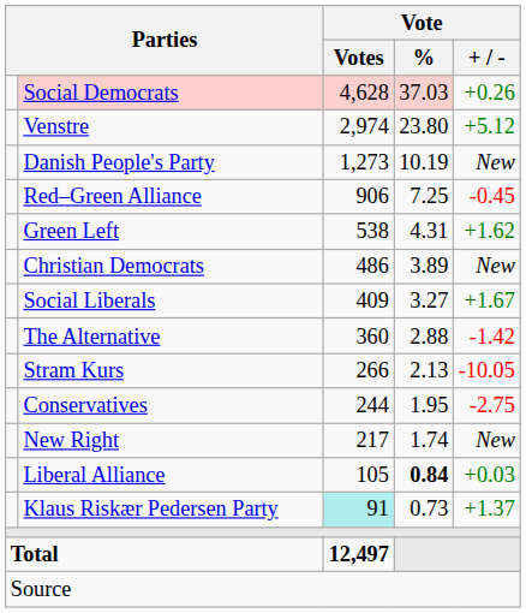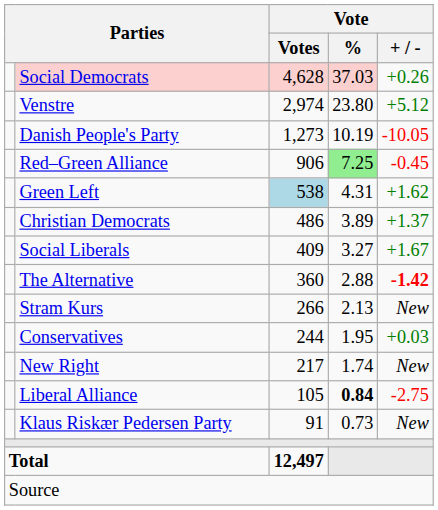 <table class="wikitable" style="text-align:right;">
 <tr>
 <th style="text-align:centre;" rowspan="2" colspan="2" width="225">Parties</th>
 <th colspan="3">Vote</th>
 </tr>
 <tr>
 <th width="15">Votes</th>
 <th width="15">%</th>
 <th width="15">+ / -</th>
 </tr>
 <tr>
 <td width="2" style="color:inherit;background:"></td>
 <td bgcolor=#fbd0ce  align="left"><a href='#'>Social Democrats</a></td>
 <td bgcolor=#fbd0ce>4,628</td>
 <td bgcolor=#fbd0ce>37.03</td>
 <td style=color:green;>+0.26</td>
 </tr>
 <tr>
 <td width="2" style="color:inherit;background:"></td>
 <td align="left"><a href='#'>Venstre</a></td>
 <td>2,974</td>
 <td>23.80</td>
 <td style=color:green;>+5.12</td>
 </tr>
 <tr>
 <td width="2" style="color:inherit;background:"></td>
 <td align="left"><a href='#'>Danish People's Party</a></td>
 <td>1,273</td>
 <td>10.19</td>
-<td><em>New</em></td>
+<td style=color:red;>-10.05</td>
 </tr>
 <tr>
 <td width="2" style="color:inherit;background:"></td>
 <td align="left"><a href='#'>Red–Green Alliance</a></td>
 <td>906</td>
-<td>7.25</td>
+<td style="background: lightgreen;">7.25</td>
 <td style=color:red;>-0.45</td>
 </tr>
 <tr>
 <td width="2" style="color:inherit;background:"></td>
 <td align="left"><a href='#'>Green Left</a></td>
-<td>538</td>
+<td style="background: lightblue;">538</td>
 <td>4.31</td>
 <td style=color:green;>+1.62</td>
 </tr>
 <tr>
 <td width="2" style="color:inherit;background:"></td>
 <td align="left"><a href='#'>Christian Democrats</a></td>
 <td>486</td>
 <td>3.89</td>
-<td><em>New</em></td>
+<td style=color:green;>+1.37</td>
 </tr>
 <tr>
 <td width="2" style="color:inherit;background:"></td>
 <td align="left"><a href='#'>Social Liberals</a></td>
 <td>409</td>
 <td>3.27</td>
 <td style=color:green;>+1.67</td>
 </tr>
 <tr>
 <td width="2" style="color:inherit;background:"></td>
 <td align="left"><a href='#'>The Alternative</a></td>
 <td>360</td>
 <td>2.88</td>
-<td style=color:red;>-1.42</td>
+<td style=color:red;><strong>-1.42</strong></td>
 </tr>
 <tr>
 <td width="2" style="color:inherit;background:"></td>
 <td align="left"><a href='#'>Stram Kurs</a></td>
 <td>266</td>
 <td>2.13</td>
-<td style=color:red;>-10.05</td>
+<td><em>New</em></td>
 </tr>
 <tr>
 <td width="2" style="color:inherit;background:"></td>
 <td align="left"><a href='#'>Conservatives</a></td>
 <td>244</td>
 <td>1.95</td>
-<td style=color:red;>-2.75</td>
+<td style=color:green;>+0.03</td>
 </tr>
 <tr>
 <td width="2" style="color:inherit;background:"></td>
 <td align="left"><a href='#'>New Right</a></td>
 <td>217</td>
 <td>1.74</td>
 <td><em>New</em></td>
 </tr>
 <tr>
 <td width="2" style="color:inherit;background:"></td>
 <td align="left"><a href='#'>Liberal Alliance</a></td>
 <td>105</td>
 <td><strong>0.84</strong></td>
-<td style=color:green;>+0.03</td>
+<td style=color:red;>-2.75</td>
 </tr>
 <tr>
 <td width="2" style="color:inherit;background:"></td>
 <td align="left"><a href='#'>Klaus Riskær Pedersen Party</a></td>
-<td style="background: paleturquoise;">91</td>
+<td>91</td>
 <td>0.73</td>
-<td style=color:green;>+1.37</td>
+<td><em>New</em></td>
 </tr>
 <tr>
 <td colspan="7" bgcolor="#E9E9E9"></td>
 </tr>
 <tr>
 <td align="left" colspan="2"><strong>Total</strong></td>
 <td><strong>12,497</strong></td>
 <td bgcolor="#E9E9E9" colspan="2"></td>
 </tr>
 <tr>
 <td align="left" colspan="6">Source</td>
 </tr>
 </table>
